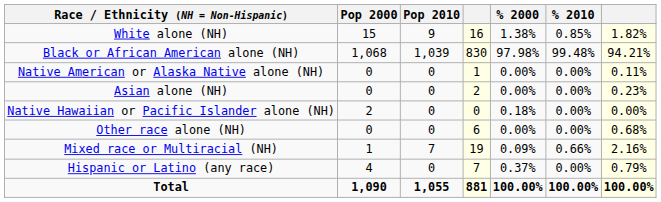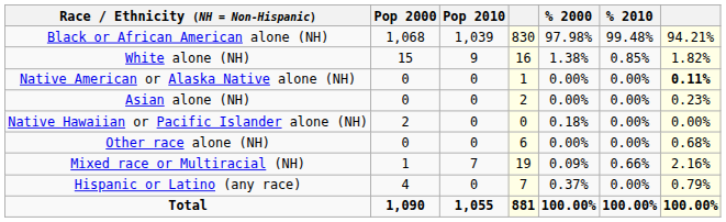 <table class="wikitable" style="text-align:center;">
 <tr>
 <th>Race / Ethnicity <small>(<em>NH = Non-Hispanic</em>)</small></th>
 <th>Pop 2000</th>
 <th>Pop 2010</th>
 <th></th>
 <th>% 2000</th>
 <th>% 2010</th>
 <th></th>
 </tr>
 <tr>
+<td><a href='#'>Black or African American</a> alone (NH)</td>
+<td>1,068</td>
+<td>1,039</td>
+<td style='background: #ffffe6;'>830</td>
+<td>97.98%</td>
+<td>99.48%</td>
+<td style='background: #ffffe6;'>94.21%</td>
+</tr>
+<tr>
 <td><a href='#'>White</a> alone (NH)</td>
 <td>15</td>
 <td>9</td>
 <td style='background: #ffffe6;'>16</td>
 <td>1.38%</td>
 <td>0.85%</td>
 <td style='background: #ffffe6;'>1.82%</td>
 </tr>
 <tr>
-<td><a href='#'>Black or African American</a> alone (NH)</td>
-<td>1,068</td>
-<td>1,039</td>
-<td style='background: #ffffe6;'>830</td>
-<td>97.98%</td>
-<td>99.48%</td>
-<td style='background: #ffffe6;'>94.21%</td>
-</tr>
-<tr>
 <td><a href='#'>Native American</a> or <a href='#'>Alaska Native</a> alone (NH)</td>
 <td>0</td>
 <td>0</td>
 <td style='background: #ffffe6;'>1</td>
 <td>0.00%</td>
 <td>0.00%</td>
-<td style='background: #ffffe6;'>0.11%</td>
+<td style='background: #ffffe6;'><strong>0.11%</strong></td>
 </tr>
 <tr>
 <td><a href='#'>Asian</a> alone (NH)</td>
 <td>0</td>
 <td>0</td>
 <td style='background: #ffffe6;'>2</td>
 <td>0.00%</td>
 <td>0.00%</td>
 <td style='background: #ffffe6;'>0.23%</td>
 </tr>
 <tr>
 <td><a href='#'>Native Hawaiian</a> or <a href='#'>Pacific Islander</a> alone (NH)</td>
 <td>2</td>
 <td>0</td>
 <td style='background: #ffffe6;'>0</td>
 <td>0.18%</td>
 <td>0.00%</td>
 <td style='background: #ffffe6;'>0.00%</td>
 </tr>
 <tr>
 <td><a href='#'>Other race</a> alone (NH)</td>
 <td>0</td>
 <td>0</td>
 <td style='background: #ffffe6;'>6</td>
 <td>0.00%</td>
 <td>0.00%</td>
 <td style='background: #ffffe6;'>0.68%</td>
 </tr>
 <tr>
 <td><a href='#'>Mixed race or Multiracial</a> (NH)</td>
 <td>1</td>
 <td>7</td>
 <td style='background: #ffffe6;'>19</td>
 <td>0.09%</td>
 <td>0.66%</td>
 <td style='background: #ffffe6;'>2.16%</td>
 </tr>
 <tr>
 <td><a href='#'>Hispanic or Latino</a> (any race)</td>
 <td>4</td>
 <td>0</td>
 <td style='background: #ffffe6;'>7</td>
 <td>0.37%</td>
 <td>0.00%</td>
 <td style='background: #ffffe6;'>0.79%</td>
 </tr>
 <tr>
 <td><strong>Total</strong></td>
 <td><strong>1,090</strong></td>
 <td><strong>1,055</strong></td>
 <td style='background: #ffffe6;'><strong>881</strong></td>
 <td><strong>100.00%</strong></td>
 <td><strong>100.00%</strong></td>
 <td style='background: #ffffe6;'><strong>100.00%</strong></td>
 </tr>
 </table>
